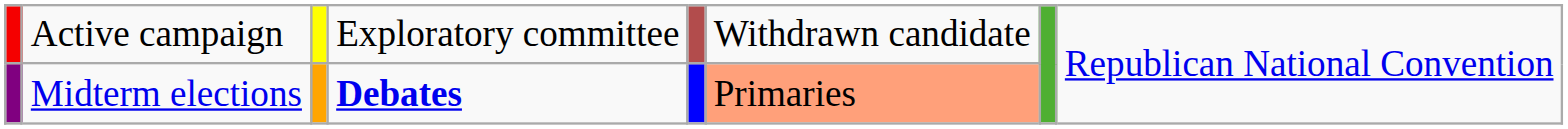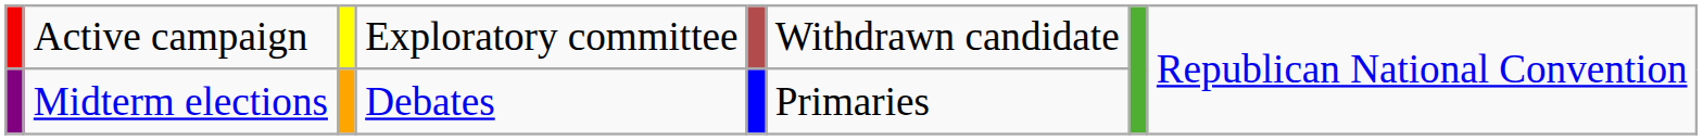 <table class="wikitable">
 <tr>
 <td style="background:#F50000;"></td>
 <td>Active campaign</td>
 <td style="background:#FFFF00;"></td>
 <td>Exploratory committee</td>
 <td style="background:#B24C4C;"></td>
 <td>Withdrawn candidate</td>
 <td rowspan=2; style="background:#4FAF32;"></td>
 <td rowspan=2;><a href='#'>Republican National Convention</a></td>
 </tr>
 <tr>
 <td style="background:purple;"></td>
 <td><a href='#'>Midterm elections</a></td>
 <td style="background:orange;"></td>
-<td><strong><a href='#'>Debates</a></strong></td>
+<td><a href='#'>Debates</a></td>
 <td style="background:#0000FF;"></td>
-<td style="background: lightsalmon;">Primaries</td>
+<td>Primaries</td>
 </tr>
 </table>
